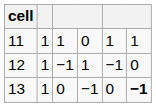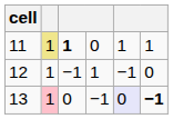 <table class="wikitable defaultright col1center col2center col3center">
 <tr>
 <th>cell</th>
 <th></th>
 <th colspan=2></th>
 <th colspan=2></th>
 </tr>
 <tr>
 <td>11</td>
-<td>1</td>
-<td>1</td>
+<td style="background: khaki;">1</td>
+<td><strong>1</strong></td>
 <td>0</td>
 <td>1</td>
 <td>1</td>
 </tr>
 <tr>
 <td>12</td>
 <td>1</td>
 <td>−1</td>
 <td>1</td>
 <td>−1</td>
 <td>0</td>
 </tr>
 <tr>
 <td>13</td>
-<td>1</td>
+<td style="background: pink;">1</td>
 <td>0</td>
 <td>−1</td>
-<td>0</td>
+<td style="background: lavender;">0</td>
 <td><strong>−1</strong></td>
 </tr>
 </table>
